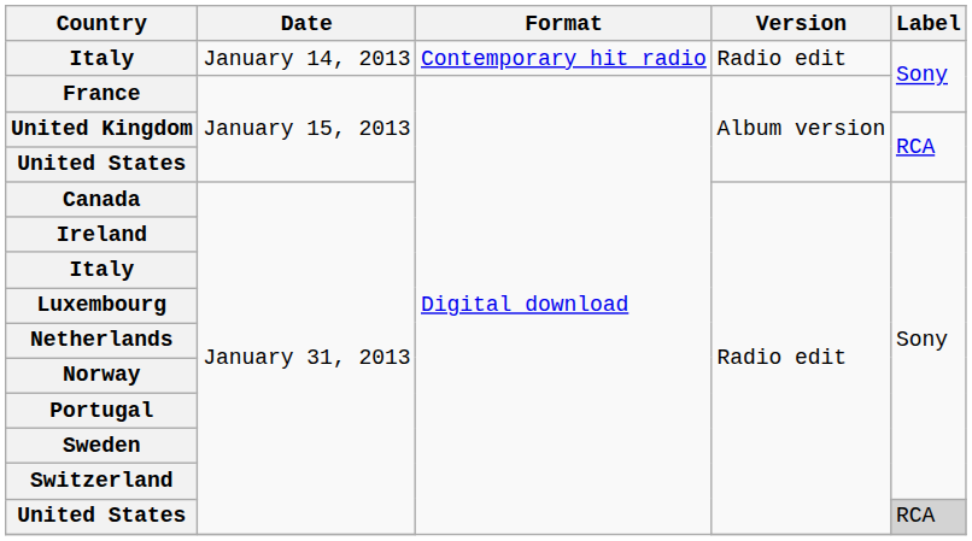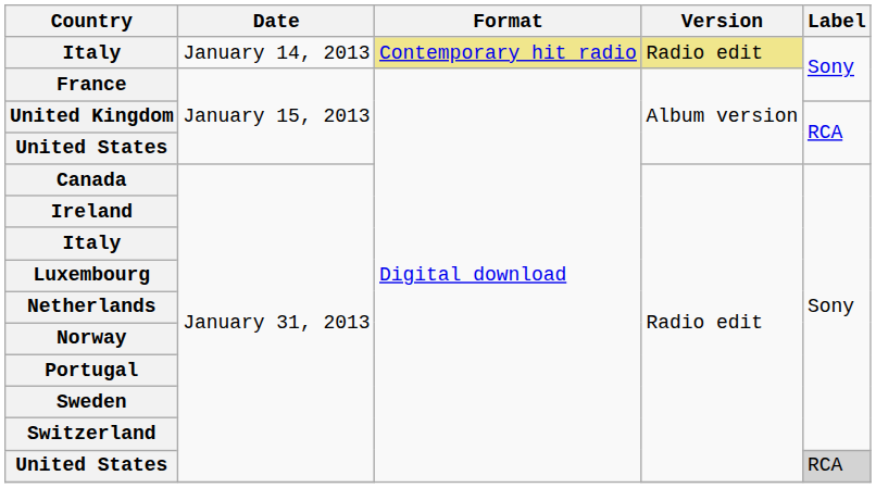 <table class="wikitable plainrowheaders">
 <tr>
 <th>Country</th>
 <th>Date</th>
 <th>Format</th>
 <th>Version</th>
 <th>Label</th>
 </tr>
 <tr>
 <th scope="row">Italy</th>
 <td>January 14, 2013</td>
-<td><a href='#'>Contemporary hit radio</a></td>
-<td>Radio edit</td>
+<td style="background: khaki;"><a href='#'>Contemporary hit radio</a></td>
+<td style="background: khaki;">Radio edit</td>
 <td rowspan="2"><a href='#'>Sony</a></td>
 </tr>
 <tr>
 <th scope="row">France</th>
 <td rowspan="3">January 15, 2013</td>
 <td rowspan="14"><a href='#'>Digital download</a></td>
 <td rowspan="3">Album version</td>
 </tr>
 <tr>
 <th scope="row">United Kingdom</th>
 <td rowspan="2"><a href='#'>RCA</a></td>
 </tr>
 <tr>
 <th scope="row">United States</th>
 </tr>
 <tr>
 <th scope="row">Canada</th>
 <td rowspan="10">January 31, 2013</td>
 <td rowspan="10">Radio edit</td>
 <td rowspan="9">Sony</td>
 </tr>
 <tr>
 <th scope="row">Ireland</th>
 </tr>
 <tr>
 <th scope="row">Italy</th>
 </tr>
 <tr>
 <th scope="row">Luxembourg</th>
 </tr>
 <tr>
 <th scope="row">Netherlands</th>
 </tr>
 <tr>
 <th scope="row">Norway</th>
 </tr>
 <tr>
 <th scope="row">Portugal</th>
 </tr>
 <tr>
 <th scope="row">Sweden</th>
 </tr>
 <tr>
 <th scope="row">Switzerland</th>
 </tr>
 <tr>
 <th scope="row">United States</th>
 <td style="background: lightgrey;">RCA</td>
 </tr>
 <tr>
 </tr>
 </table>
